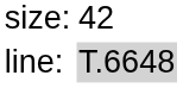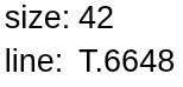 <table style="margin-left:40px;">
 <tr>
 <td>size:</td>
 <td>42</td>
 </tr>
 <tr>
 <td>line:</td>
-<td style="background: lightgrey;">T.6648</td>
+<td>T.6648</td>
 </tr>
 </table>
